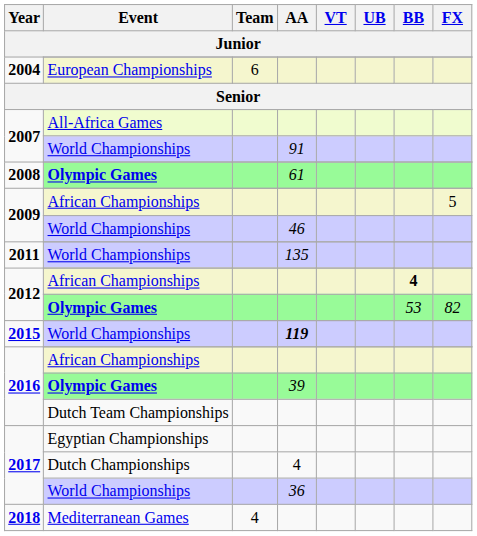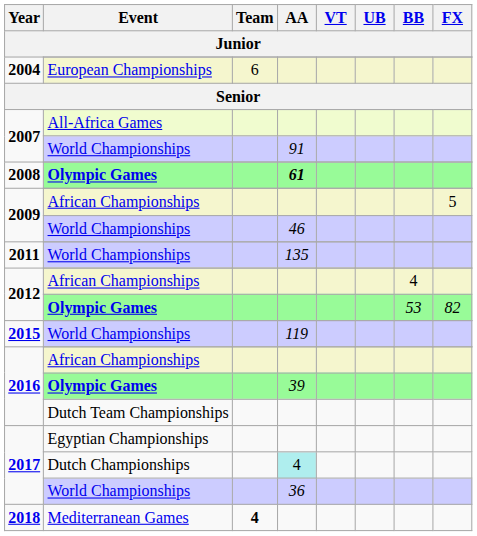 <table class="wikitable" style="text-align:center; font-size:95%;">
 <tr>
 <th align=center>Year</th>
 <th align=center>Event</th>
 <th style="width:30px;">Team</th>
 <th style="width:30px;">AA</th>
 <th style="width:30px;"><a href='#'>VT</a></th>
 <th style="width:30px;"><a href='#'>UB</a></th>
 <th style="width:30px;"><a href='#'>BB</a></th>
 <th style="width:30px;"><a href='#'>FX</a></th>
 </tr>
 <tr>
 <th colspan="8">Junior </th>
 </tr>
 <tr>
 <td rowspan="2"><strong>2004</strong></td>
 </tr>
 <tr bgcolor=#F5F6CE>
 <td align=left><a href='#'>European Championships</a></td>
 <td>6</td>
 <td></td>
 <td></td>
 <td></td>
 <td></td>
 <td></td>
 </tr>
 <tr>
 <th colspan="8">Senior </th>
 </tr>
 <tr>
 <td rowspan="3"><strong>2007</strong></td>
 </tr>
 <tr bgcolor=#f0fccf>
 <td align=left><a href='#'>All-Africa Games</a></td>
 <td></td>
 <td></td>
 <td></td>
 <td></td>
 <td></td>
 <td></td>
 </tr>
 <tr bgcolor=#CCCCFF>
 <td align=left><a href='#'>World Championships</a></td>
 <td></td>
 <td><em>91</em></td>
 <td></td>
 <td></td>
 <td></td>
 <td></td>
 </tr>
 <tr>
 <td rowspan="2"><strong>2008</strong></td>
 </tr>
 <tr bgcolor=98FB98>
 <td align=left><strong><a href='#'>Olympic Games</a></strong></td>
 <td></td>
-<td><em>61</em></td>
+<td><strong><em>61</em></strong></td>
 <td></td>
 <td></td>
 <td></td>
 <td></td>
 </tr>
 <tr>
 <td rowspan="3"><strong>2009</strong></td>
 </tr>
 <tr bgcolor=#F5F6CE>
 <td align=left><a href='#'>African Championships</a></td>
 <td></td>
 <td></td>
 <td></td>
 <td></td>
 <td></td>
 <td>5</td>
 </tr>
 <tr bgcolor=#CCCCFF>
 <td align=left><a href='#'>World Championships</a></td>
 <td></td>
 <td><em>46</em></td>
 <td></td>
 <td></td>
 <td></td>
 <td></td>
 </tr>
 <tr>
 <td rowspan="2"><strong>2011</strong></td>
 </tr>
 <tr bgcolor=#CCCCFF>
 <td align=left><a href='#'>World Championships</a></td>
 <td></td>
 <td><em>135</em></td>
 <td></td>
 <td></td>
 <td></td>
 <td></td>
 </tr>
 <tr>
 <td rowspan="3"><strong>2012</strong></td>
 </tr>
 <tr bgcolor=#F5F6CE>
 <td align=left><a href='#'>African Championships</a></td>
 <td></td>
 <td></td>
 <td></td>
 <td></td>
-<td><strong>4</strong></td>
+<td>4</td>
 <td></td>
 </tr>
 <tr bgcolor=98FB98>
 <td align=left><strong><a href='#'>Olympic Games</a></strong></td>
 <td></td>
 <td></td>
 <td></td>
 <td></td>
 <td><em>53</em></td>
 <td><em>82</em></td>
 </tr>
 <tr>
 <td rowspan="2"><strong><a href='#'>2015</a></strong></td>
 </tr>
 <tr bgcolor=#CCCCFF>
 <td align=left><a href='#'>World Championships</a></td>
 <td></td>
-<td><strong><em>119</em></strong></td>
+<td><em>119</em></td>
 <td></td>
 <td></td>
 <td></td>
 <td></td>
 </tr>
 <tr>
 <td rowspan="4"><strong><a href='#'>2016</a></strong></td>
 </tr>
 <tr bgcolor=#F5F6CE>
 <td align=left><a href='#'>African Championships</a></td>
 <td></td>
 <td></td>
 <td></td>
 <td></td>
 <td></td>
 <td></td>
 </tr>
 <tr bgcolor=98FB98>
 <td align=left><strong><a href='#'>Olympic Games</a></strong></td>
 <td></td>
 <td><em>39</em></td>
 <td></td>
 <td></td>
 <td></td>
 <td></td>
 </tr>
 <tr>
 <td align=left>Dutch Team Championships</td>
 <td></td>
 <td></td>
 <td></td>
 <td></td>
 <td></td>
 <td></td>
 </tr>
 <tr>
 <td rowspan="3"><strong><a href='#'>2017</a></strong></td>
 <td align=left>Egyptian Championships</td>
 <td></td>
 <td></td>
 <td></td>
 <td></td>
 <td></td>
 <td></td>
 </tr>
 <tr>
 <td align=left>Dutch Championships</td>
 <td></td>
-<td>4</td>
+<td style="background: paleturquoise;">4</td>
 <td></td>
 <td></td>
 <td></td>
 <td></td>
 </tr>
 <tr bgcolor=#CCCCFF>
 <td align=left><a href='#'>World Championships</a></td>
 <td></td>
 <td><em>36</em></td>
 <td></td>
 <td></td>
 <td></td>
 <td></td>
 </tr>
 <tr>
 <td rowspan="1"><strong><a href='#'>2018</a></strong></td>
 <td align=left><a href='#'>Mediterranean Games</a></td>
-<td>4</td>
+<td><strong>4</strong></td>
 <td></td>
 <td></td>
 <td></td>
 <td></td>
 <td></td>
 </tr>
 </table>
